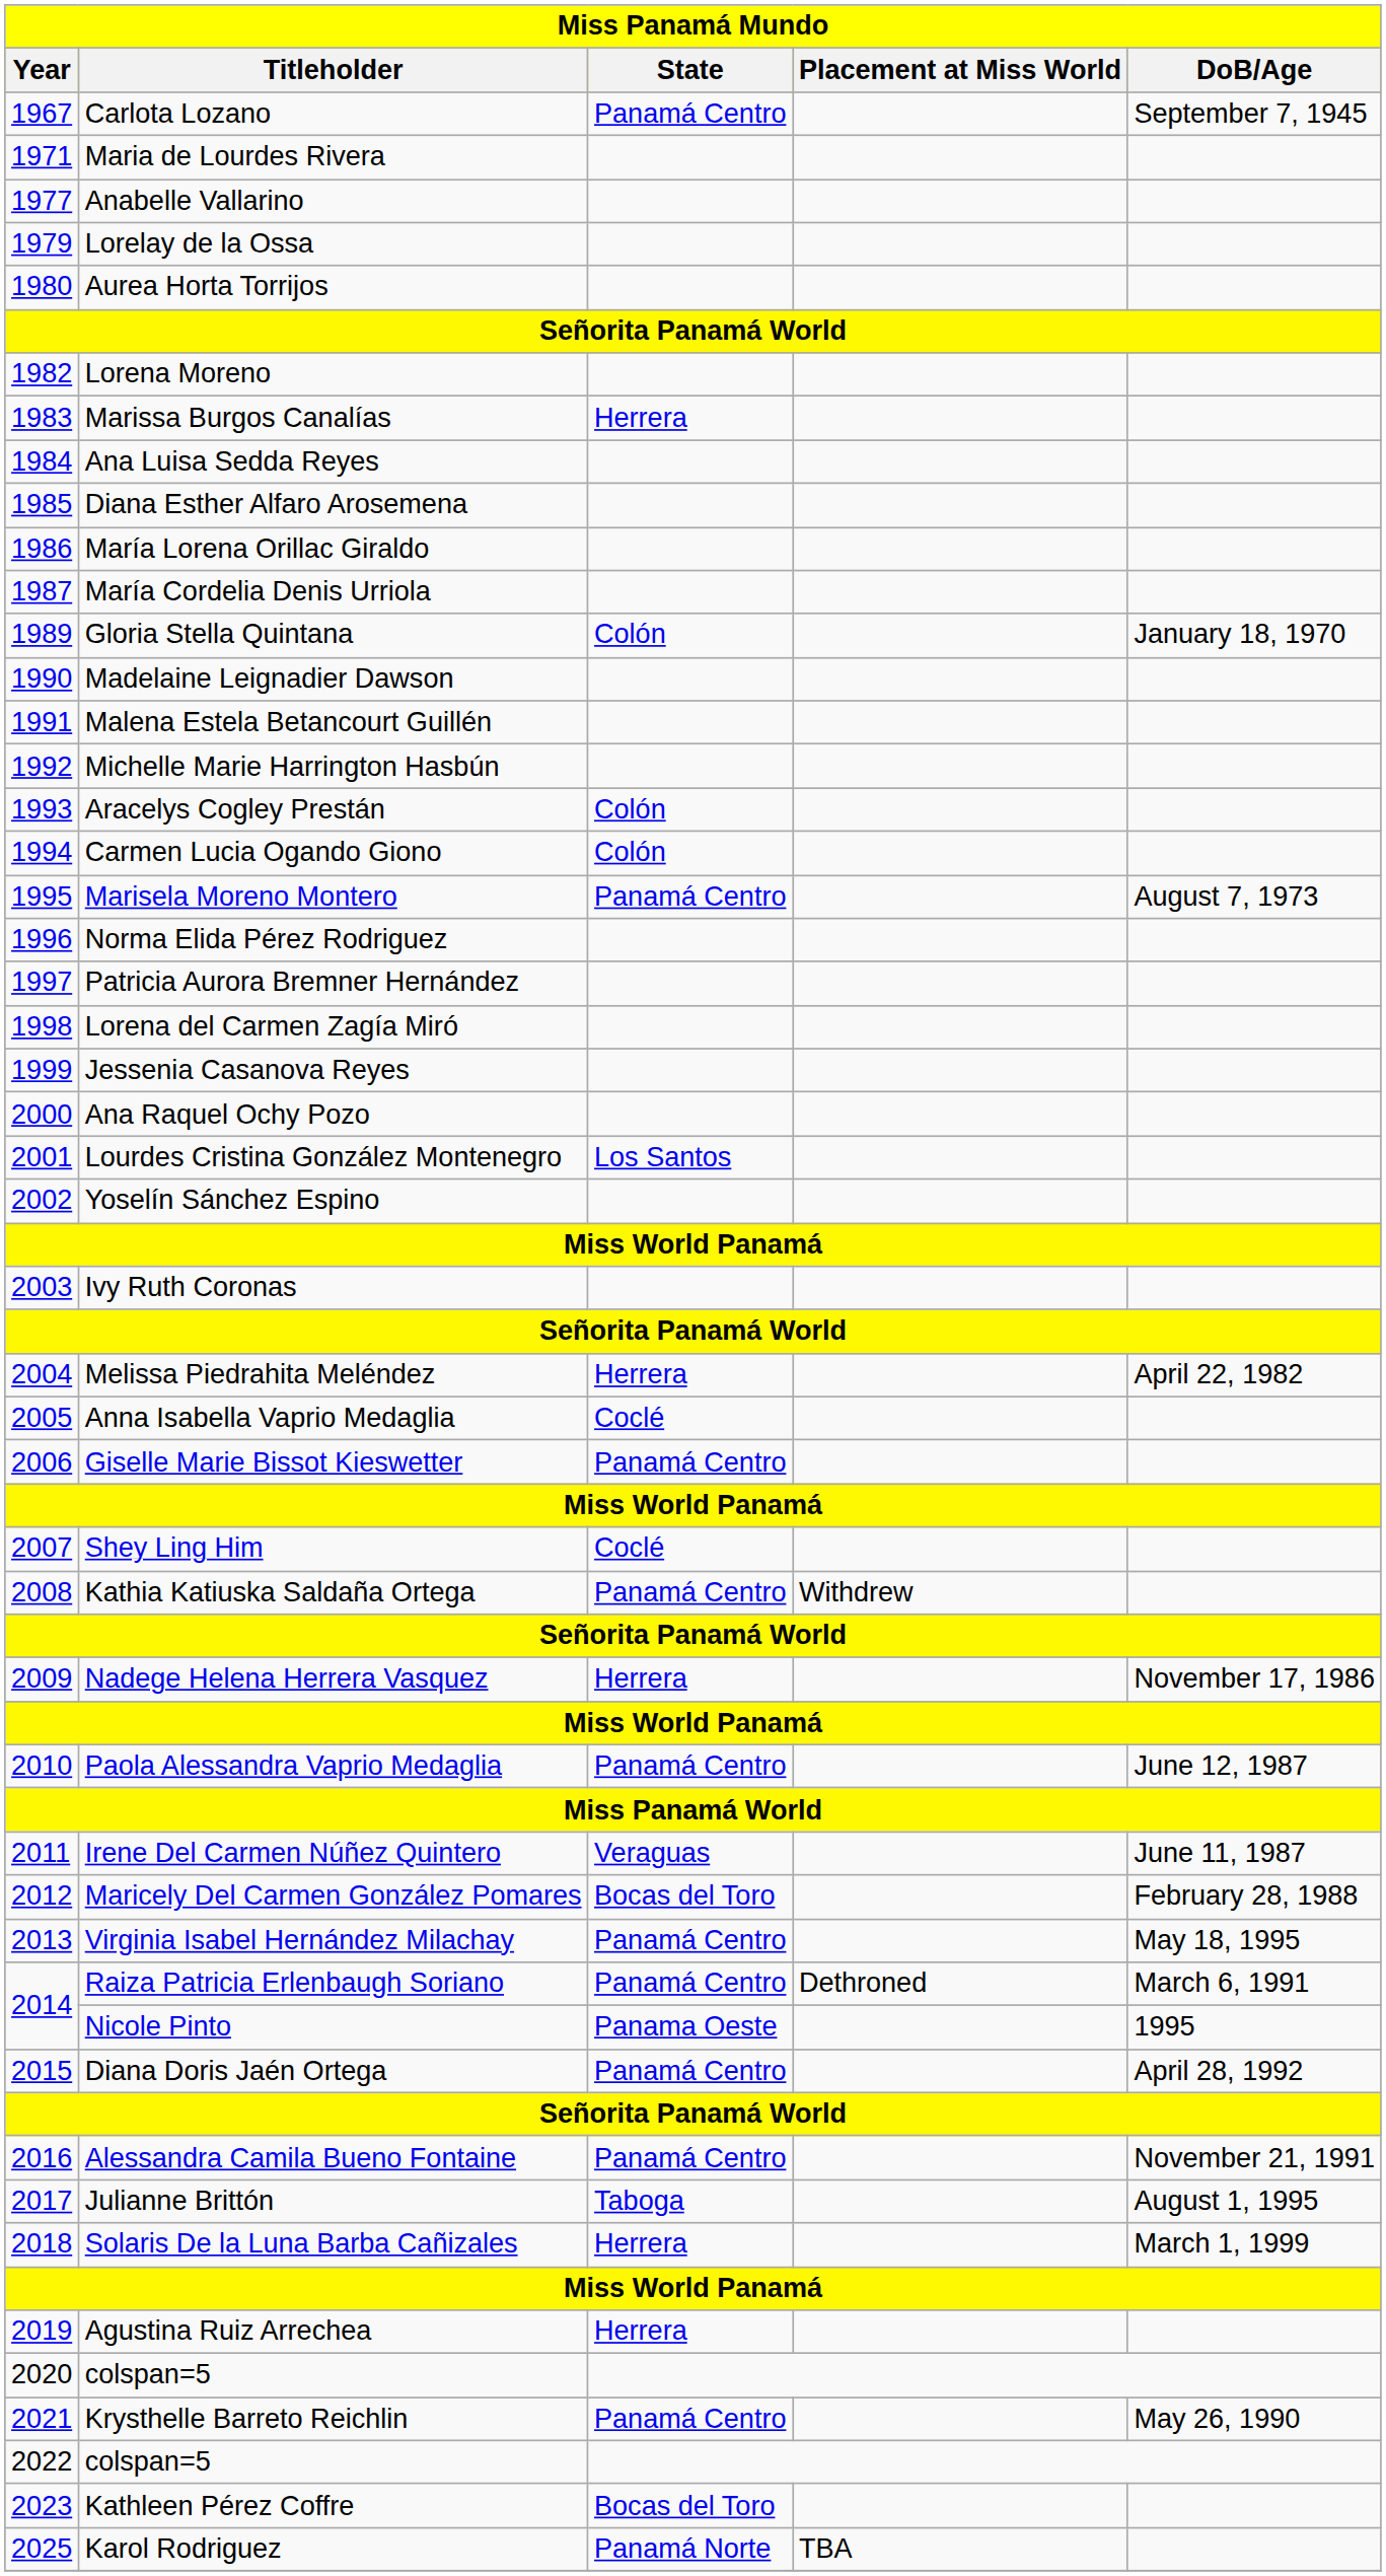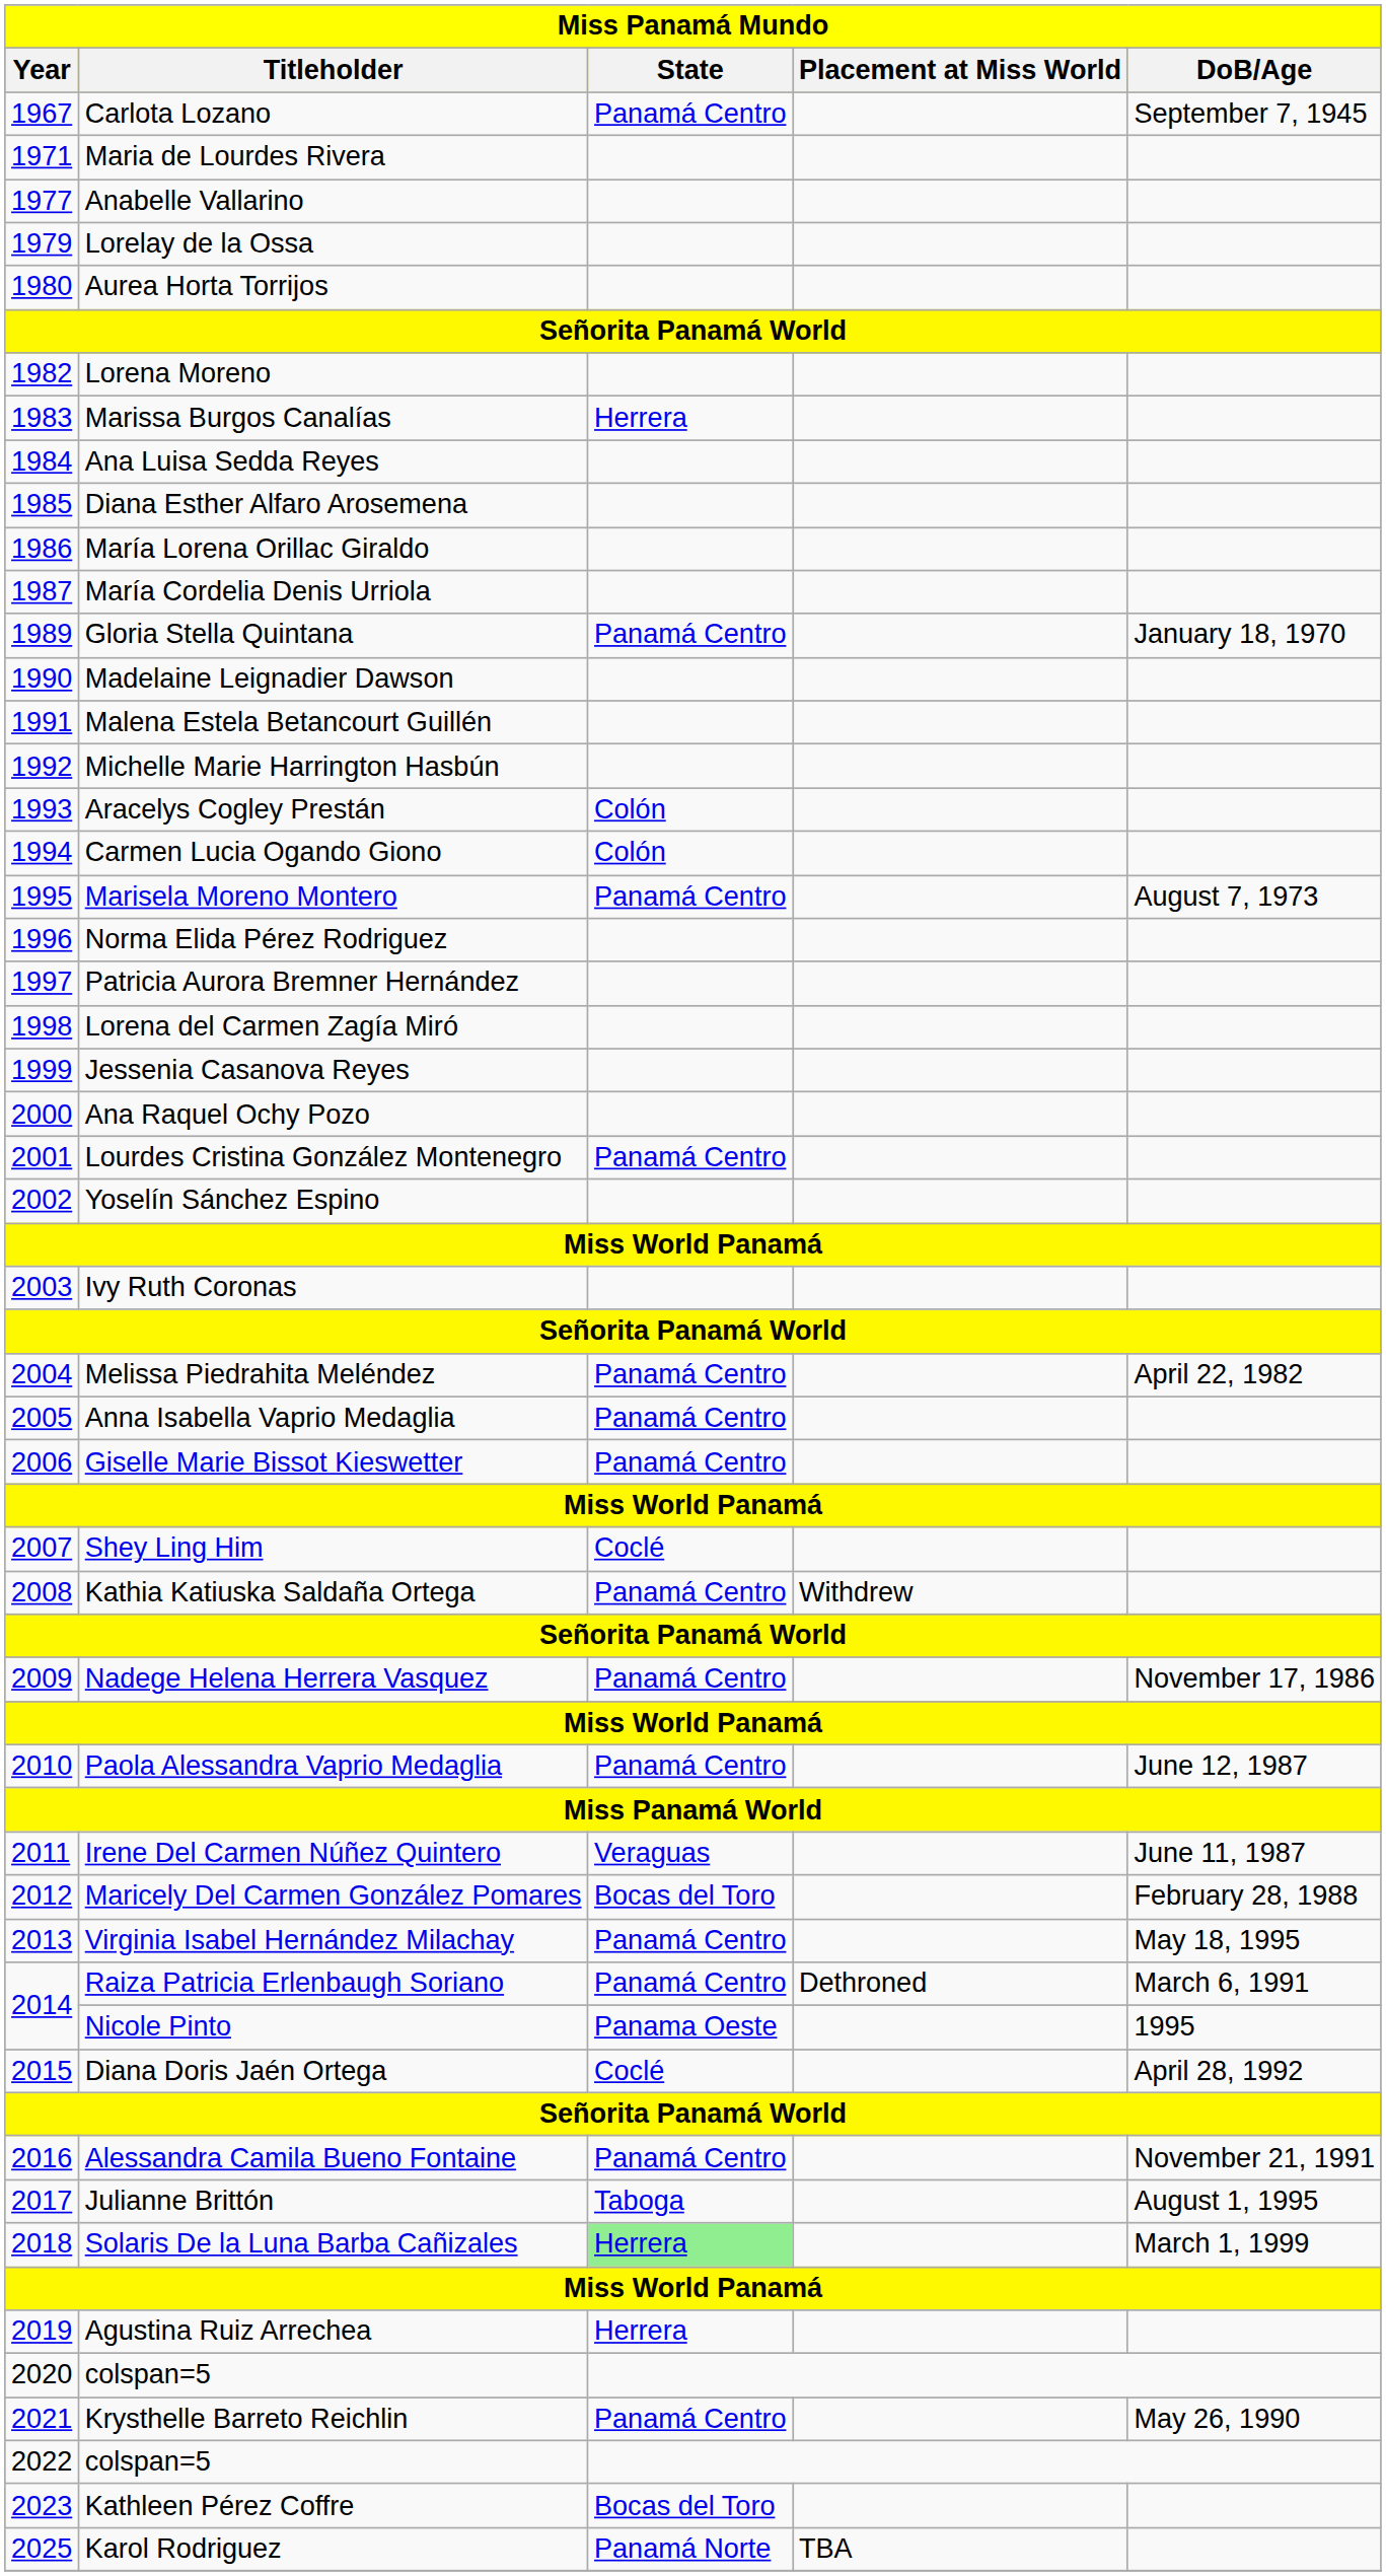 <table class="wikitable">
 <tr bgcolor="Yellow">
 <td colspan=8 align=center><strong>Miss Panamá Mundo</strong></td>
 </tr>
 <tr bgcolor="#ffff99;">
 <th>Year</th>
 <th>Titleholder</th>
 <th>State</th>
 <th>Placement at Miss World</th>
 <th>DoB/Age</th>
 </tr>
 <tr>
 <td><a href='#'>1967</a></td>
 <td>Carlota Lozano</td>
 <td><a href='#'>Panamá Centro</a></td>
 <td></td>
 <td>September 7, 1945</td>
 </tr>
 <tr>
 <td><a href='#'>1971</a></td>
 <td>Maria de Lourdes Rivera</td>
 <td></td>
 <td></td>
 <td></td>
 </tr>
 <tr>
 <td><a href='#'>1977</a></td>
 <td>Anabelle Vallarino</td>
 <td></td>
 <td></td>
 <td></td>
 </tr>
 <tr>
 <td><a href='#'>1979</a></td>
 <td>Lorelay de la Ossa</td>
 <td></td>
 <td></td>
 <td></td>
 </tr>
 <tr>
 <td><a href='#'>1980</a></td>
 <td>Aurea Horta Torrijos</td>
 <td></td>
 <td></td>
 <td></td>
 </tr>
 <tr bgcolor="#ffff99;">
 <td colspan=8 align=center><strong>Señorita Panamá World</strong></td>
 </tr>
 <tr>
 <td><a href='#'>1982</a></td>
 <td>Lorena Moreno</td>
 <td></td>
 <td></td>
 <td></td>
 </tr>
 <tr>
 <td><a href='#'>1983</a></td>
 <td>Marissa Burgos Canalías</td>
 <td><a href='#'>Herrera</a></td>
 <td></td>
 <td></td>
 </tr>
 <tr>
 <td><a href='#'>1984</a></td>
 <td>Ana Luisa Sedda Reyes</td>
 <td></td>
 <td></td>
 <td></td>
 </tr>
 <tr>
 <td><a href='#'>1985</a></td>
 <td>Diana Esther Alfaro Arosemena</td>
 <td></td>
 <td></td>
 <td></td>
 </tr>
 <tr>
 <td><a href='#'>1986</a></td>
 <td>María Lorena Orillac Giraldo</td>
 <td></td>
 <td></td>
 <td></td>
 </tr>
 <tr>
 <td><a href='#'>1987</a></td>
 <td>María Cordelia Denis Urriola</td>
 <td></td>
 <td></td>
 <td></td>
 </tr>
 <tr>
 <td><a href='#'>1989</a></td>
 <td>Gloria Stella Quintana</td>
-<td><a href='#'>Colón</a></td>
+<td><a href='#'>Panamá Centro</a></td>
 <td></td>
 <td>January 18, 1970</td>
 </tr>
 <tr>
 <td><a href='#'>1990</a></td>
 <td>Madelaine Leignadier Dawson</td>
 <td></td>
 <td></td>
 <td></td>
 </tr>
 <tr>
 <td><a href='#'>1991</a></td>
 <td>Malena Estela Betancourt Guillén</td>
 <td></td>
 <td></td>
 <td></td>
 </tr>
 <tr>
 <td><a href='#'>1992</a></td>
 <td>Michelle Marie Harrington Hasbún</td>
 <td></td>
 <td></td>
 <td></td>
 </tr>
 <tr>
 <td><a href='#'>1993</a></td>
 <td>Aracelys Cogley Prestán</td>
 <td><a href='#'>Colón</a></td>
 <td></td>
 <td></td>
 </tr>
 <tr>
 <td><a href='#'>1994</a></td>
 <td>Carmen Lucia Ogando Giono</td>
 <td><a href='#'>Colón</a></td>
 <td></td>
 <td></td>
 </tr>
 <tr>
 <td><a href='#'>1995</a></td>
 <td><a href='#'>Marisela Moreno Montero</a></td>
 <td><a href='#'>Panamá Centro</a></td>
 <td></td>
 <td>August 7, 1973</td>
 </tr>
 <tr>
 <td><a href='#'>1996</a></td>
 <td>Norma Elida Pérez Rodriguez</td>
 <td></td>
 <td></td>
 <td></td>
 </tr>
 <tr>
 <td><a href='#'>1997</a></td>
 <td>Patricia Aurora Bremner Hernández</td>
 <td></td>
 <td></td>
 <td></td>
 </tr>
 <tr>
 <td><a href='#'>1998</a></td>
 <td>Lorena del Carmen Zagía Miró</td>
 <td></td>
 <td></td>
 <td></td>
 </tr>
 <tr>
 <td><a href='#'>1999</a></td>
 <td>Jessenia Casanova Reyes</td>
 <td></td>
 <td></td>
 <td></td>
 </tr>
 <tr>
 <td><a href='#'>2000</a></td>
 <td>Ana Raquel Ochy Pozo</td>
 <td></td>
 <td></td>
 <td></td>
 </tr>
 <tr>
 <td><a href='#'>2001</a></td>
 <td>Lourdes Cristina González Montenegro</td>
-<td><a href='#'>Los Santos</a></td>
+<td><a href='#'>Panamá Centro</a></td>
 <td></td>
 <td></td>
 </tr>
 <tr>
 <td><a href='#'>2002</a></td>
 <td>Yoselín Sánchez Espino</td>
 <td></td>
 <td></td>
 <td></td>
 </tr>
 <tr bgcolor="#ffff99;">
 <td colspan=8 align=center><strong>Miss World Panamá</strong></td>
 </tr>
 <tr>
 <td><a href='#'>2003</a></td>
 <td>Ivy Ruth Coronas</td>
 <td></td>
 <td></td>
 <td></td>
 </tr>
 <tr bgcolor="#ffff99;">
 <td colspan=8 align=center><strong>Señorita Panamá World</strong></td>
 </tr>
 <tr>
 <td><a href='#'>2004</a></td>
 <td>Melissa Piedrahita Meléndez</td>
-<td><a href='#'>Herrera</a></td>
+<td><a href='#'>Panamá Centro</a></td>
 <td></td>
 <td>April 22, 1982 </td>
 </tr>
 <tr>
 <td><a href='#'>2005</a></td>
 <td>Anna Isabella Vaprio Medaglia</td>
-<td><a href='#'>Coclé</a></td>
+<td><a href='#'>Panamá Centro</a></td>
 <td></td>
 <td></td>
 </tr>
 <tr>
 <td><a href='#'>2006</a></td>
 <td><a href='#'>Giselle Marie Bissot Kieswetter</a></td>
 <td><a href='#'>Panamá Centro</a></td>
 <td></td>
 <td></td>
 </tr>
 <tr bgcolor="#ffff99;">
 <td colspan=8 align=center><strong>Miss World Panamá</strong></td>
 </tr>
 <tr>
 <td><a href='#'>2007</a></td>
 <td><a href='#'>Shey Ling Him</a></td>
 <td><a href='#'>Coclé</a></td>
 <td></td>
 <td></td>
 </tr>
 <tr>
 <td><a href='#'>2008</a></td>
 <td>Kathia Katiuska Saldaña Ortega</td>
 <td><a href='#'>Panamá Centro</a></td>
 <td>Withdrew</td>
 <td></td>
 </tr>
 <tr bgcolor="#ffff99;">
 <td colspan=8 align=center><strong>Señorita Panamá World</strong></td>
 </tr>
 <tr>
 <td><a href='#'>2009</a></td>
 <td><a href='#'>Nadege Helena Herrera Vasquez</a></td>
-<td><a href='#'>Herrera</a></td>
+<td><a href='#'>Panamá Centro</a></td>
 <td></td>
 <td>November 17, 1986</td>
 </tr>
 <tr bgcolor="#ffff99;">
 <td colspan=8 align=center><strong>Miss World Panamá</strong></td>
 </tr>
 <tr>
 <td><a href='#'>2010</a></td>
 <td><a href='#'>Paola Alessandra Vaprio Medaglia</a></td>
 <td><a href='#'>Panamá Centro</a></td>
 <td></td>
 <td>June 12, 1987</td>
 </tr>
 <tr bgcolor="#ffff99;">
 <td colspan=8 align=center><strong>Miss Panamá World</strong></td>
 </tr>
 <tr>
 <td><a href='#'>2011</a></td>
 <td><a href='#'>Irene Del Carmen Núñez Quintero</a></td>
 <td><a href='#'>Veraguas</a></td>
 <td></td>
 <td>June 11, 1987</td>
 </tr>
 <tr>
 <td><a href='#'>2012</a></td>
 <td><a href='#'>Maricely Del Carmen González Pomares</a></td>
 <td><a href='#'>Bocas del Toro</a></td>
 <td></td>
 <td>February 28, 1988</td>
 </tr>
 <tr>
 <td><a href='#'>2013</a></td>
 <td><a href='#'>Virginia Isabel Hernández Milachay</a></td>
 <td><a href='#'>Panamá Centro</a></td>
 <td></td>
 <td>May 18, 1995</td>
 </tr>
 <tr>
 <td rowspan="2"><a href='#'>2014</a></td>
 <td><a href='#'>Raiza Patricia Erlenbaugh Soriano</a></td>
 <td><a href='#'>Panamá Centro</a></td>
 <td>Dethroned</td>
 <td>March 6, 1991</td>
 </tr>
 <tr>
 <td><a href='#'>Nicole Pinto</a></td>
 <td><a href='#'>Panama Oeste</a></td>
 <td></td>
 <td>1995</td>
 </tr>
 <tr>
 <td><a href='#'>2015</a></td>
 <td>Diana Doris Jaén Ortega</td>
-<td><a href='#'>Panamá Centro</a></td>
+<td><a href='#'>Coclé</a></td>
 <td></td>
 <td>April 28, 1992</td>
 </tr>
 <tr bgcolor="#ffff99;">
 <td colspan=8 align=center><strong>Señorita Panamá World</strong></td>
 </tr>
 <tr>
 <td><a href='#'>2016</a></td>
 <td><a href='#'>Alessandra Camila Bueno Fontaine</a></td>
 <td><a href='#'>Panamá Centro</a></td>
 <td></td>
 <td>November 21, 1991</td>
 </tr>
 <tr>
 <td><a href='#'>2017</a></td>
 <td>Julianne Brittón</td>
 <td><a href='#'>Taboga</a></td>
 <td></td>
 <td>August 1, 1995</td>
 </tr>
 <tr>
 <td><a href='#'>2018</a></td>
 <td><a href='#'>Solaris De la Luna Barba Cañizales</a></td>
-<td><a href='#'>Herrera</a></td>
+<td style="background: lightgreen;"><a href='#'>Herrera</a></td>
 <td></td>
 <td>March 1, 1999</td>
 </tr>
 <tr bgcolor="#ffff99;">
 <td colspan=8 align=center><strong>Miss World Panamá</strong></td>
 </tr>
 <tr>
 <td><a href='#'>2019</a></td>
 <td>Agustina Ruiz Arrechea</td>
 <td><a href='#'>Herrera</a></td>
 <td></td>
 <td></td>
 </tr>
 <tr>
 <td>2020</td>
 <td>colspan=5 </td>
 </tr>
 <tr>
 <td><a href='#'>2021</a></td>
 <td>Krysthelle Barreto Reichlin</td>
 <td><a href='#'>Panamá Centro</a></td>
 <td></td>
 <td>May 26, 1990</td>
 </tr>
 <tr>
 <td>2022</td>
 <td>colspan=5 </td>
 </tr>
 <tr>
 <td><a href='#'>2023</a></td>
 <td>Kathleen Pérez Coffre</td>
 <td><a href='#'>Bocas del Toro</a></td>
 <td></td>
 <td></td>
 </tr>
 <tr>
 <td><a href='#'>2025</a></td>
 <td>Karol Rodriguez</td>
 <td><a href='#'>Panamá Norte</a></td>
 <td>TBA</td>
 <td></td>
 </tr>
 <tr>
 </tr>
 </table>
